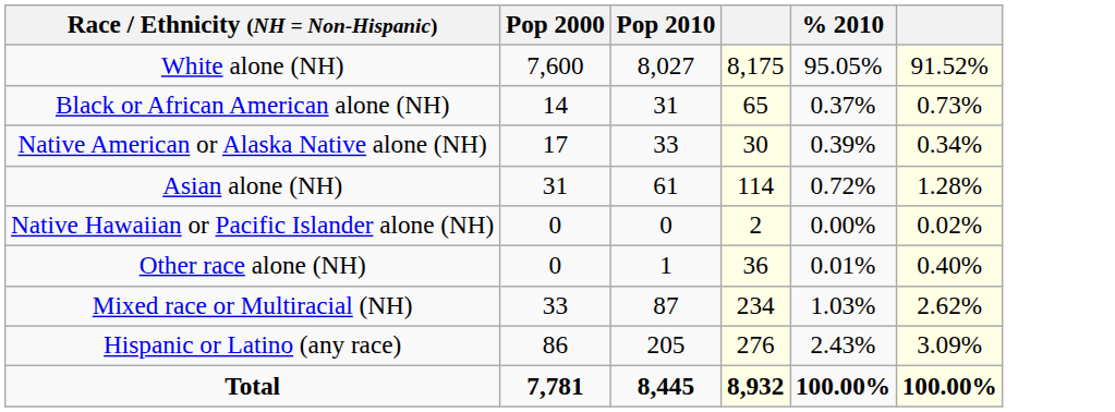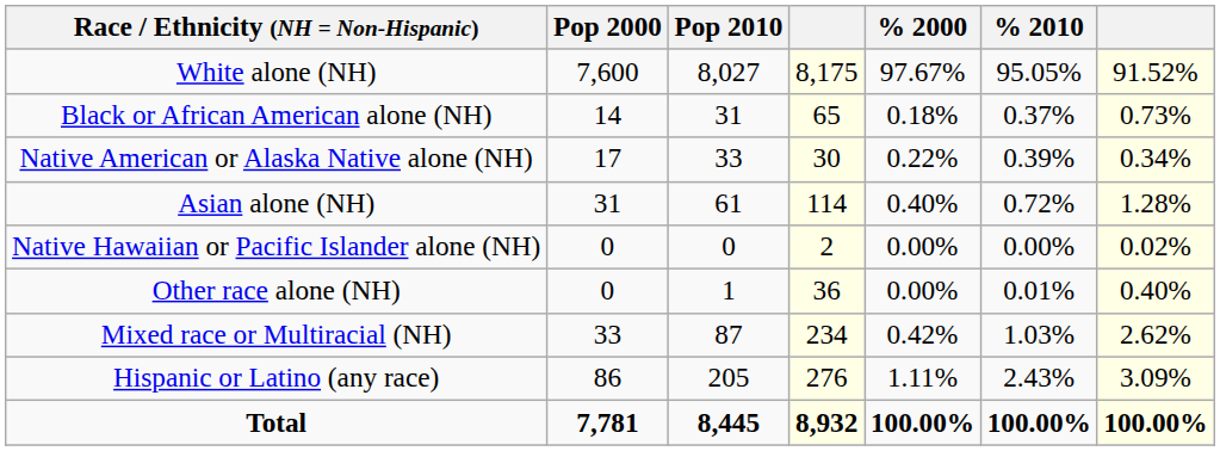 <table class="wikitable" style="text-align:center;">
 <tr>
 <th>Race / Ethnicity <small>(<em>NH = Non-Hispanic</em>)</small></th>
 <th>Pop 2000</th>
 <th>Pop 2010</th>
 <th></th>
+<th>% 2000</th>
 <th>% 2010</th>
 <th></th>
 </tr>
 <tr>
 <td><a href='#'>White</a> alone (NH)</td>
 <td>7,600</td>
 <td>8,027</td>
 <td style='background: #ffffe6;'>8,175</td>
+<td>97.67%</td>
 <td>95.05%</td>
 <td style='background: #ffffe6;'>91.52%</td>
 </tr>
 <tr>
 <td><a href='#'>Black or African American</a> alone (NH)</td>
 <td>14</td>
 <td>31</td>
 <td style='background: #ffffe6;'>65</td>
+<td>0.18%</td>
 <td>0.37%</td>
 <td style='background: #ffffe6;'>0.73%</td>
 </tr>
 <tr>
 <td><a href='#'>Native American</a> or <a href='#'>Alaska Native</a> alone (NH)</td>
 <td>17</td>
 <td>33</td>
 <td style='background: #ffffe6;'>30</td>
+<td>0.22%</td>
 <td>0.39%</td>
 <td style='background: #ffffe6;'>0.34%</td>
 </tr>
 <tr>
 <td><a href='#'>Asian</a> alone (NH)</td>
 <td>31</td>
 <td>61</td>
 <td style='background: #ffffe6;'>114</td>
+<td>0.40%</td>
 <td>0.72%</td>
 <td style='background: #ffffe6;'>1.28%</td>
 </tr>
 <tr>
 <td><a href='#'>Native Hawaiian</a> or <a href='#'>Pacific Islander</a> alone (NH)</td>
 <td>0</td>
 <td>0</td>
 <td style='background: #ffffe6;'>2</td>
 <td>0.00%</td>
+<td>0.00%</td>
 <td style='background: #ffffe6;'>0.02%</td>
 </tr>
 <tr>
 <td><a href='#'>Other race</a> alone (NH)</td>
 <td>0</td>
 <td>1</td>
 <td style='background: #ffffe6;'>36</td>
+<td>0.00%</td>
 <td>0.01%</td>
 <td style='background: #ffffe6;'>0.40%</td>
 </tr>
 <tr>
 <td><a href='#'>Mixed race or Multiracial</a> (NH)</td>
 <td>33</td>
 <td>87</td>
 <td style='background: #ffffe6;'>234</td>
+<td>0.42%</td>
 <td>1.03%</td>
 <td style='background: #ffffe6;'>2.62%</td>
 </tr>
 <tr>
 <td><a href='#'>Hispanic or Latino</a> (any race)</td>
 <td>86</td>
 <td>205</td>
 <td style='background: #ffffe6;'>276</td>
+<td>1.11%</td>
 <td>2.43%</td>
 <td style='background: #ffffe6;'>3.09%</td>
 </tr>
 <tr>
 <td><strong>Total</strong></td>
 <td><strong>7,781</strong></td>
 <td><strong>8,445</strong></td>
 <td style='background: #ffffe6;'><strong>8,932</strong></td>
 <td><strong>100.00%</strong></td>
+<td><strong>100.00%</strong></td>
 <td style='background: #ffffe6;'><strong>100.00%</strong></td>
 </tr>
 </table>
